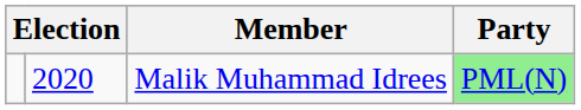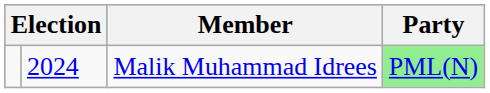 <table class="wikitable">
 <tr>
 <th colspan="2">Election</th>
 <th>Member</th>
 <th>Party</th>
 </tr>
 <tr>
 <td style="background-color: "></td>
-<td><a href='#'>2020</a></td>
+<td><a href='#'>2024</a></td>
 <td><a href='#'>Malik Muhammad Idrees</a></td>
 <td style="background: lightgreen;"><a href='#'>PML(N)</a></td>
 </tr>
 </table>
